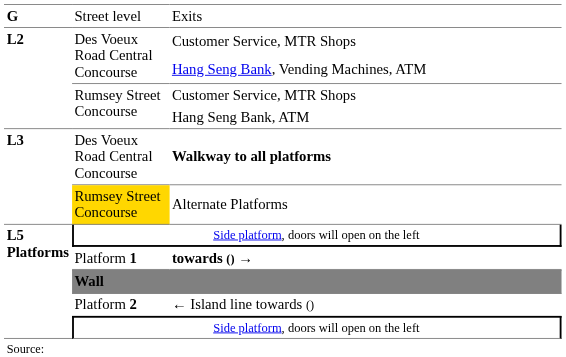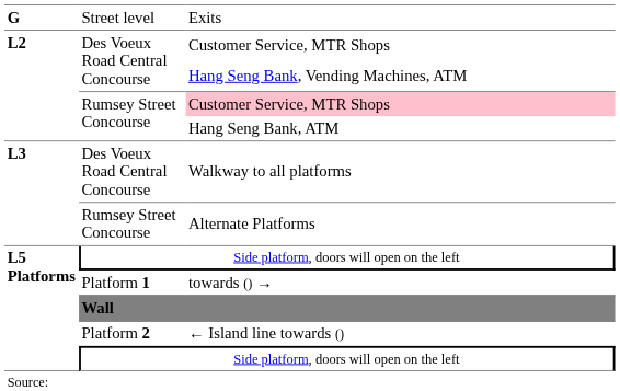 <table border=0 cellspacing=0 cellpadding=3>
 <tr>
 <td style="border-bottom:solid 1px gray;border-top:solid 1px gray;width:50px;vertical-align:top;"><strong>G</strong></td>
 <td style="border-top:solid 1px gray;border-bottom:solid 1px gray;width:100px;vertical-align:top;">Street level</td>
 <td style="border-top:solid 1px gray;border-bottom:solid 1px gray;width:420px;vertical-align:top;">Exits</td>
 </tr>
 <tr>
 <td style="border-bottom:solid 1px gray;vertical-align:top;" rowspan=4><strong>L2</strong></td>
 <td style="border-bottom:solid 1px gray;vertical-align:top;" rowspan=2>Des Voeux Road Central Concourse</td>
 <td>Customer Service, MTR Shops</td>
 </tr>
 <tr>
 <td style="border-bottom:solid 1px gray;"><a href='#'>Hang Seng Bank</a>, Vending Machines, ATM</td>
 </tr>
 <tr>
 <td style="border-bottom:solid 1px gray;vertical-align:top;" rowspan=2>Rumsey Street Concourse</td>
-<td>Customer Service, MTR Shops</td>
+<td style="background: pink;">Customer Service, MTR Shops</td>
 </tr>
 <tr>
 <td style="border-bottom:solid 1px gray;">Hang Seng Bank, ATM</td>
 </tr>
 <tr>
 <td style="border-bottom:solid 1px gray;vertical-align:top;" rowspan=2><strong>L3</strong></td>
 <td style="border-bottom:solid 1px gray;">Des Voeux Road Central Concourse</td>
-<td style="border-bottom:solid 1px gray;"><strong>Walkway to all platforms</strong></td>
+<td style="border-bottom:solid 1px gray;">Walkway to all platforms</td>
 </tr>
 <tr>
-<td style="background: gold; border-bottom:solid 1px gray;">Rumsey Street Concourse</td>
+<td style="border-bottom:solid 1px gray;">Rumsey Street Concourse</td>
 <td style="border-bottom:solid 1px gray;">Alternate Platforms</td>
 </tr>
 <tr>
 <td style="border-bottom:solid 1px gray;vertical-align:top;" rowspan=5><strong>L5<br>Platforms</strong></td>
 <td style="border-right:solid 2px black;border-left:solid 2px black;border-bottom:solid 2px black;font-size:85%;text-align:center;" colspan=2><a href='#'>Side platform</a>, doors will open on the left</td>
 </tr>
 <tr>
 <td style="border-bottom:solid 1px gray;">Platform <span><strong>1</strong></span></td>
-<td style="border-bottom:solid 1px gray;"><strong>  towards  <small>()</small> →</strong></td>
+<td style="border-bottom:solid 1px gray;">  towards  <small>()</small> →</td>
 </tr>
 <tr bgcolor="grey">
 <td style="border-bottom:solid 1px gray;border-top:solid 1px gray;" colspan="2"><strong>Wall</strong></td>
 </tr>
 <tr>
 <td>Platform <span><strong>2</strong></span></td>
 <td>←  Island line towards  <small>()</small></td>
 </tr>
 <tr>
 <td style="border-top:solid 2px black;border-right:solid 2px black;border-left:solid 2px black;border-bottom:solid 1px gray;font-size:85%;text-align:center;" colspan=2><a href='#'>Side platform</a>, doors will open on the left</td>
 </tr>
 <tr>
 <td colspan="3" style="font-size:smaller">Source: </td>
 </tr>
 </table>
